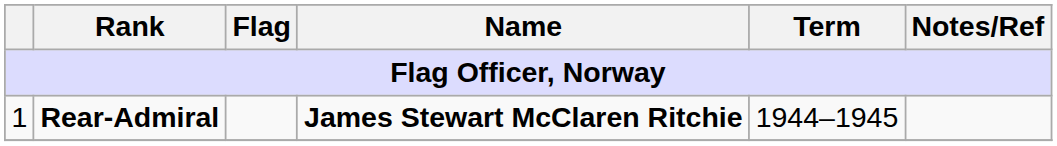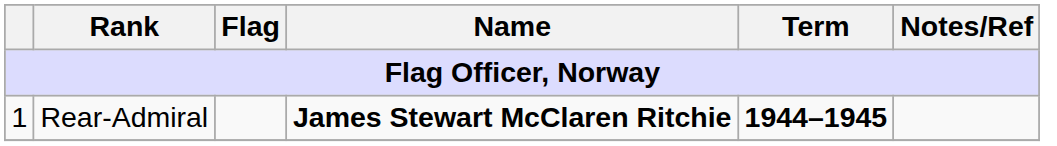 <table class="wikitable">
 <tr>
 <th></th>
 <th>Rank</th>
 <th>Flag</th>
 <th>Name</th>
 <th>Term</th>
 <th>Notes/Ref</th>
 </tr>
 <tr>
 <td colspan="6" align="center" style="background:#dcdcfe;"><strong>Flag Officer, Norway</strong></td>
 </tr>
 <tr>
 <td>1</td>
-<td><strong>Rear-Admiral</strong></td>
+<td>Rear-Admiral</td>
 <td></td>
 <td><strong>James Stewart McClaren Ritchie</strong></td>
-<td>1944–1945</td>
+<td><strong>1944–1945</strong></td>
 <td></td>
 </tr>
 <tr>
 </tr>
 </table>
